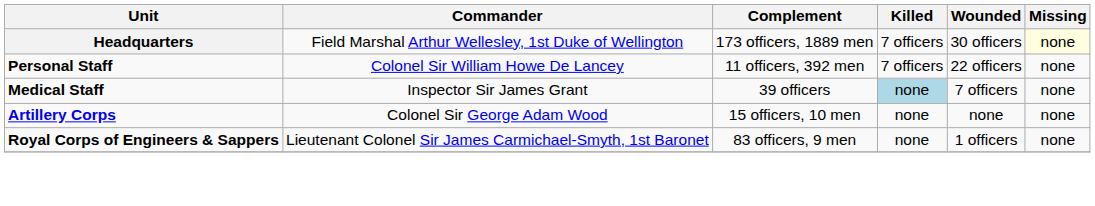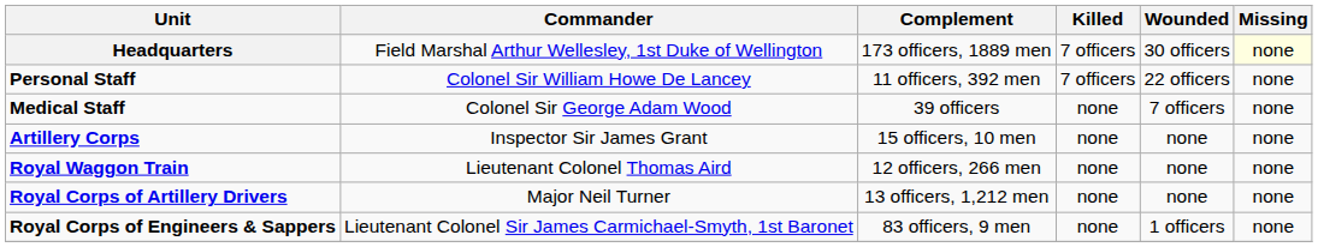 <table class="wikitable">
 <tr>
 <th>Unit</th>
 <th>Commander</th>
 <th>Complement</th>
 <th>Killed</th>
 <th>Wounded</th>
 <th>Missing</th>
 </tr>
 <tr>
 <th colspan="1" bgcolor="#f9f9f9;">Headquarters</th>
 <td align="center">Field Marshal <a href='#'>Arthur Wellesley, 1st Duke of Wellington</a> </td>
 <td align="center">173 officers, 1889 men</td>
 <td align="center">7 officers</td>
 <td align="center">30 officers</td>
 <td align="center" style="background: lightyellow;">none</td>
 </tr>
 <tr>
 <td><strong>Personal Staff</strong></td>
 <td align="center"><a href='#'>Colonel Sir William Howe De Lancey</a> </td>
 <td align="center">11 officers, 392 men</td>
 <td align="center">7 officers</td>
 <td align="center">22 officers</td>
 <td align="center">none</td>
 </tr>
 <tr>
 <td><strong>Medical Staff</strong></td>
-<td align="center">Inspector Sir James Grant</td>
+<td align="center">Colonel Sir <a href='#'>George Adam Wood</a> </td>
 <td align="center">39 officers</td>
-<td align="center" style="background: lightblue;">none</td>
+<td align="center">none</td>
 <td align="center">7 officers</td>
 <td align="center">none</td>
 </tr>
 <tr>
 <td><strong><a href='#'>Artillery Corps</a></strong></td>
-<td align="center">Colonel Sir <a href='#'>George Adam Wood</a> </td>
+<td align="center">Inspector Sir James Grant</td>
 <td align="center">15 officers, 10 men</td>
+<td align="center">none</td>
+<td align="center">none</td>
+<td align="center">none</td>
+</tr>
+<tr>
+<td><strong><a href='#'>Royal Waggon Train</a></strong></td>
+<td align="center">Lieutenant Colonel <a href='#'>Thomas Aird</a></td>
+<td align="center">12 officers, 266 men</td>
+<td align="center">none</td>
+<td align="center">none</td>
+<td align="center">none</td>
+</tr>
+<tr>
+<td><strong><a href='#'>Royal Corps of Artillery Drivers</a></strong></td>
+<td align="center">Major Neil Turner</td>
+<td align="center">13 officers, 1,212 men</td>
 <td align="center">none</td>
 <td align="center">none</td>
 <td align="center">none</td>
 </tr>
 <tr>
 <td><strong>Royal Corps of Engineers & Sappers</strong></td>
 <td align="center">Lieutenant Colonel <a href='#'>Sir James Carmichael-Smyth, 1st Baronet</a> </td>
 <td align="center">83 officers, 9 men</td>
 <td align="center">none</td>
 <td align="center">1 officers</td>
 <td align="center">none</td>
 </tr>
 <tr>
 </tr>
 </table>
